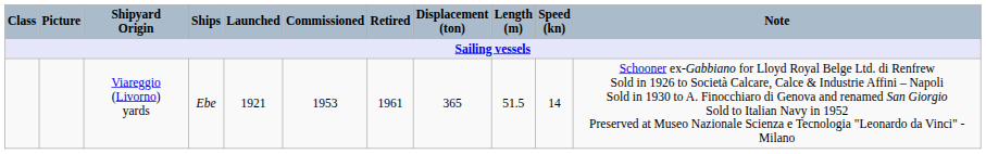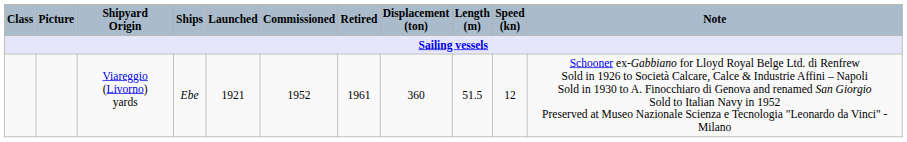 <table class="wikitable" style="text-align:center;">
 <tr>
 <th style="text-align: central; background: #aabccc;">Class</th>
 <th style="text-align: central; background: #aabccc;">Picture</th>
 <th style="text-align: central; background: #aabccc;">Shipyard<br>Origin</th>
 <th style="text-align: central; background: #aabccc;">Ships</th>
 <th style="text-align: central; background: #aabccc;">Launched</th>
 <th style="text-align: central; background: #aabccc;">Commissioned</th>
 <th style="text-align: central; background: #aabccc;">Retired</th>
 <th style="text-align: central; background: #aabccc;">Displacement<br>(ton)</th>
 <th style="text-align: central; background: #aabccc;">Length<br>(m)</th>
 <th style="text-align: central; background: #aabccc;">Speed<br>(kn)</th>
 <th style="text-align: central; background: #aabccc;">Note</th>
 </tr>
 <tr>
 <th style="align: center; background: lavender;" colspan="11"><strong><a href='#'>Sailing vessels</a></strong></th>
 </tr>
 <tr>
 <td></td>
 <td></td>
 <td><a href='#'>Viareggio</a> (<a href='#'>Livorno</a>)<br>yards<br><br></td>
 <td><em>Ebe</em><br></td>
 <td>1921</td>
-<td>1953</td>
+<td>1952</td>
 <td>1961</td>
-<td>365</td>
+<td>360</td>
 <td>51.5</td>
-<td>14</td>
+<td>12</td>
 <td><a href='#'>Schooner</a> ex-<em>Gabbiano</em> for Lloyd Royal Belge Ltd. di Renfrew<br>Sold in 1926 to Società Calcare, Calce & Industrie Affini – Napoli<br>Sold in 1930 to A. Finocchiaro di Genova and renamed <em>San Giorgio</em><br>Sold to Italian Navy in 1952<br>Preserved at Museo Nazionale Scienza e Tecnologia "Leonardo da Vinci" - Milano</td>
 </tr>
 </table>
